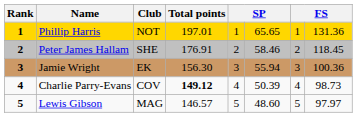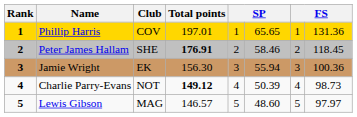 <table class="wikitable sortable">
 <tr>
 <th>Rank</th>
 <th>Name</th>
 <th>Club</th>
 <th>Total points</th>
 <th colspan="2" width="80px"><a href='#'>SP</a></th>
 <th colspan="2" width="80px"><a href='#'>FS</a></th>
 </tr>
 <tr bgcolor="gold">
 <td align="center"><strong>1</strong></td>
 <td><a href='#'>Phillip Harris</a></td>
-<td>NOT</td>
+<td>COV</td>
 <td align="center">197.01</td>
 <td align="center">1</td>
 <td align="center">65.65</td>
 <td align="center">1</td>
 <td align="center">131.36</td>
 </tr>
 <tr bgcolor="silver">
 <td align="center"><strong>2</strong></td>
 <td><a href='#'>Peter James Hallam</a></td>
 <td>SHE</td>
-<td align="center">176.91</td>
+<td align="center"><strong>176.91</strong></td>
 <td align="center">2</td>
 <td align="center">58.46</td>
 <td align="center">2</td>
 <td align="center">118.45</td>
 </tr>
 <tr bgcolor="cc9966">
 <td align="center"><strong>3</strong></td>
 <td>Jamie Wright</td>
 <td>EK</td>
 <td align="center">156.30</td>
 <td align="center">3</td>
 <td align="center">55.94</td>
 <td align="center">3</td>
 <td align="center">100.36</td>
 </tr>
 <tr>
 <td align="center"><strong>4</strong></td>
 <td>Charlie Parry-Evans</td>
-<td>COV</td>
+<td>NOT</td>
 <td align="center"><strong>149.12</strong></td>
 <td align="center">4</td>
 <td align="center">50.39</td>
 <td align="center">4</td>
 <td align="center">98.73</td>
 </tr>
 <tr>
 <td align="center"><strong>5</strong></td>
 <td><a href='#'>Lewis Gibson</a></td>
 <td>MAG</td>
 <td align="center">146.57</td>
 <td align="center">5</td>
 <td align="center">48.60</td>
 <td align="center">5</td>
 <td align="center">97.97</td>
 </tr>
 </table>
